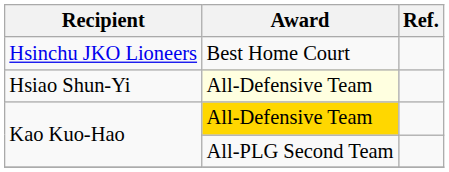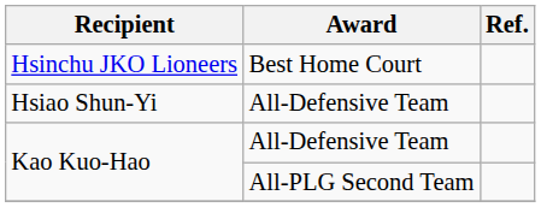 <table class="wikitable">
 <tr>
 <th>Recipient</th>
 <th>Award</th>
 <th>Ref.</th>
 </tr>
 <tr>
 <td><a href='#'>Hsinchu JKO Lioneers</a></td>
 <td>Best Home Court</td>
 <td></td>
 </tr>
 <tr>
 <td>Hsiao Shun-Yi</td>
-<td style="background: lightyellow;">All-Defensive Team</td>
+<td>All-Defensive Team</td>
 <td></td>
 </tr>
 <tr>
 <td rowspan=2>Kao Kuo-Hao</td>
-<td style="background: gold;">All-Defensive Team</td>
+<td>All-Defensive Team</td>
 <td></td>
 </tr>
 <tr>
 <td>All-PLG Second Team</td>
 <td></td>
 </tr>
 <tr>
 </tr>
 </table>
